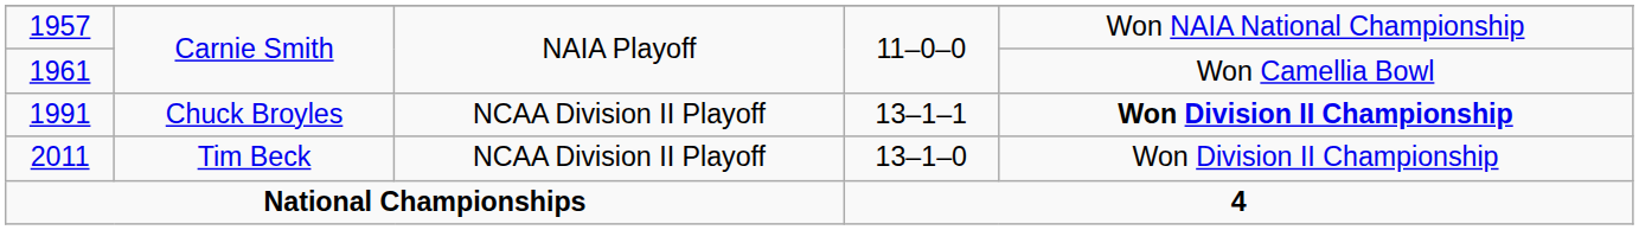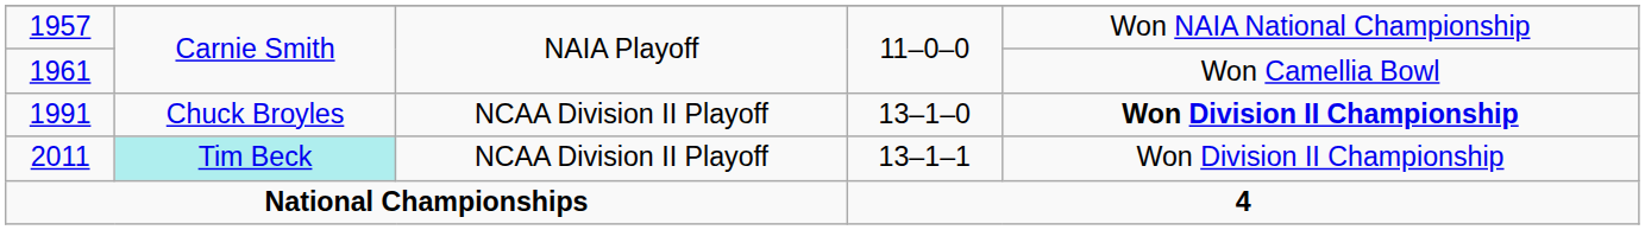 <table class="wikitable" style="width:75%;">
 <tr>
 </tr>
 <tr style="text-align:center;">
 <td><a href='#'>1957</a></td>
 <td rowspan="2"><a href='#'>Carnie Smith</a></td>
 <td rowspan="2">NAIA Playoff</td>
 <td rowspan="2">11–0–0</td>
 <td>Won <a href='#'>NAIA National Championship</a></td>
 </tr>
 <tr align="center">
 <td><a href='#'>1961</a></td>
 <td>Won <a href='#'>Camellia Bowl</a></td>
 </tr>
 <tr align="center">
 <td><a href='#'>1991</a></td>
 <td><a href='#'>Chuck Broyles</a></td>
 <td>NCAA Division II Playoff</td>
-<td>13–1–1</td>
+<td>13–1–0</td>
 <td><strong>Won <a href='#'>Division II Championship</a></strong></td>
 </tr>
 <tr align="center">
 <td><a href='#'>2011</a></td>
-<td><a href='#'>Tim Beck</a></td>
+<td style="background: paleturquoise;"><a href='#'>Tim Beck</a></td>
 <td>NCAA Division II Playoff</td>
-<td>13–1–0</td>
+<td>13–1–1</td>
 <td>Won <a href='#'>Division II Championship</a></td>
 </tr>
 <tr align="center">
 <td colspan=3><strong>National Championships</strong></td>
 <td colspan=3><strong>4</strong></td>
 </tr>
 </table>
